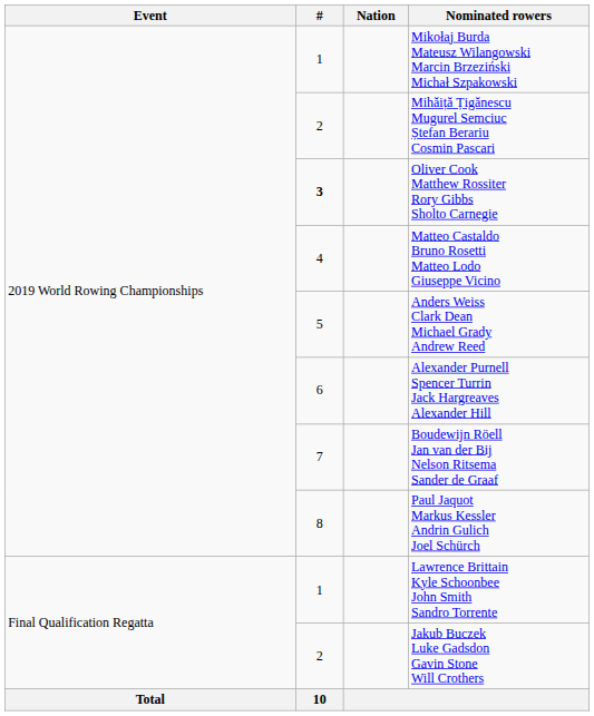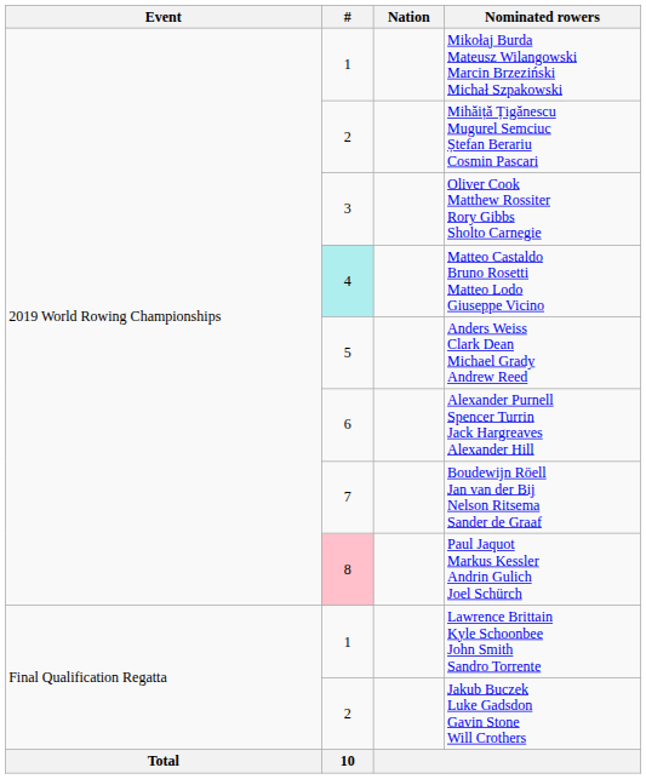 <table class="wikitable"  style="width:700px; text-align:center;">
 <tr>
 <th>Event</th>
 <th width=50>#</th>
 <th>Nation</th>
 <th>Nominated rowers</th>
 </tr>
 <tr>
 <td rowspan=8 align=left>2019 World Rowing Championships</td>
 <td>1</td>
 <td align=left></td>
 <td align=left><a href='#'>Mikołaj Burda</a><br><a href='#'>Mateusz Wilangowski</a><br><a href='#'>Marcin Brzeziński</a><br><a href='#'>Michał Szpakowski</a></td>
 </tr>
 <tr>
 <td>2</td>
 <td align=left></td>
 <td align=left><a href='#'>Mihăiță Țigănescu</a><br><a href='#'>Mugurel Semciuc</a><br><a href='#'>Ștefan Berariu</a><br><a href='#'>Cosmin Pascari</a></td>
 </tr>
 <tr>
-<td><strong>3</strong></td>
+<td>3</td>
 <td align=left></td>
 <td align=left><a href='#'>Oliver Cook</a><br><a href='#'>Matthew Rossiter</a><br><a href='#'>Rory Gibbs</a><br><a href='#'>Sholto Carnegie</a></td>
 </tr>
 <tr>
-<td>4</td>
+<td style="background: paleturquoise;">4</td>
 <td align=left></td>
 <td align=left><a href='#'>Matteo Castaldo</a><br><a href='#'>Bruno Rosetti</a><br><a href='#'>Matteo Lodo</a><br><a href='#'>Giuseppe Vicino</a></td>
 </tr>
 <tr>
 <td>5</td>
 <td align=left></td>
 <td align=left><a href='#'>Anders Weiss</a><br><a href='#'>Clark Dean</a><br><a href='#'>Michael Grady</a><br><a href='#'>Andrew Reed</a></td>
 </tr>
 <tr>
 <td>6</td>
 <td align=left></td>
 <td align=left><a href='#'>Alexander Purnell</a><br><a href='#'>Spencer Turrin</a><br><a href='#'>Jack Hargreaves</a><br><a href='#'>Alexander Hill</a></td>
 </tr>
 <tr>
 <td>7</td>
 <td align=left></td>
 <td align=left><a href='#'>Boudewijn Röell</a><br><a href='#'>Jan van der Bij</a><br><a href='#'>Nelson Ritsema</a><br><a href='#'>Sander de Graaf</a></td>
 </tr>
 <tr>
-<td>8</td>
+<td style="background: pink;">8</td>
 <td align=left></td>
 <td align=left><a href='#'>Paul Jaquot</a><br><a href='#'>Markus Kessler</a><br><a href='#'>Andrin Gulich</a><br><a href='#'>Joel Schürch</a></td>
 </tr>
 <tr>
 <td rowspan=2 align=left>Final Qualification Regatta</td>
 <td>1</td>
 <td align=left></td>
 <td align=left><a href='#'>Lawrence Brittain</a><br><a href='#'>Kyle Schoonbee</a><br><a href='#'>John Smith</a><br><a href='#'>Sandro Torrente</a></td>
 </tr>
 <tr>
 <td>2</td>
 <td align=left></td>
 <td align=left><a href='#'>Jakub Buczek</a><br><a href='#'>Luke Gadsdon</a><br><a href='#'>Gavin Stone</a><br><a href='#'>Will Crothers</a></td>
 </tr>
 <tr>
 <th>Total</th>
 <th>10</th>
 <th colspan=2></th>
 </tr>
 </table>
